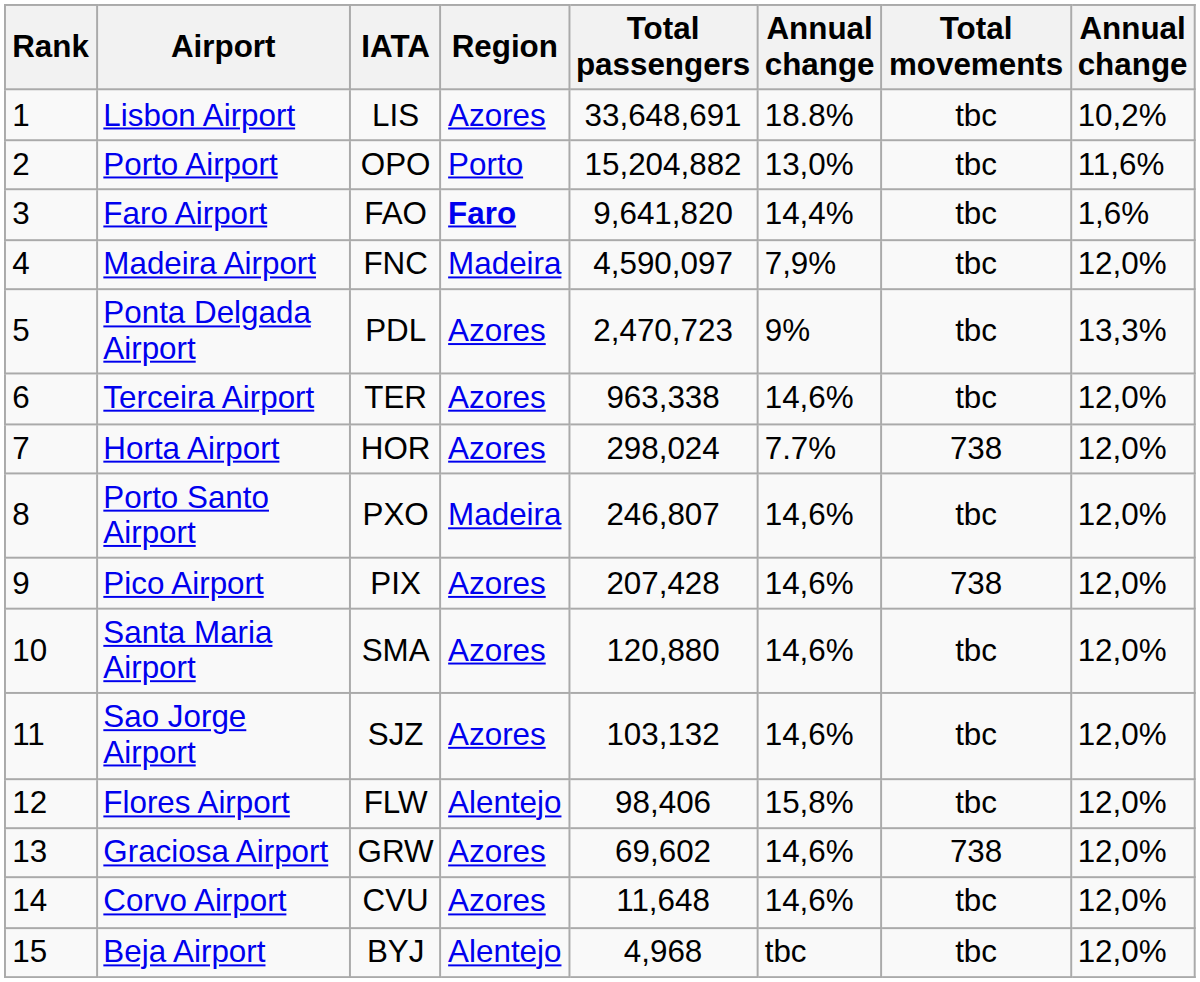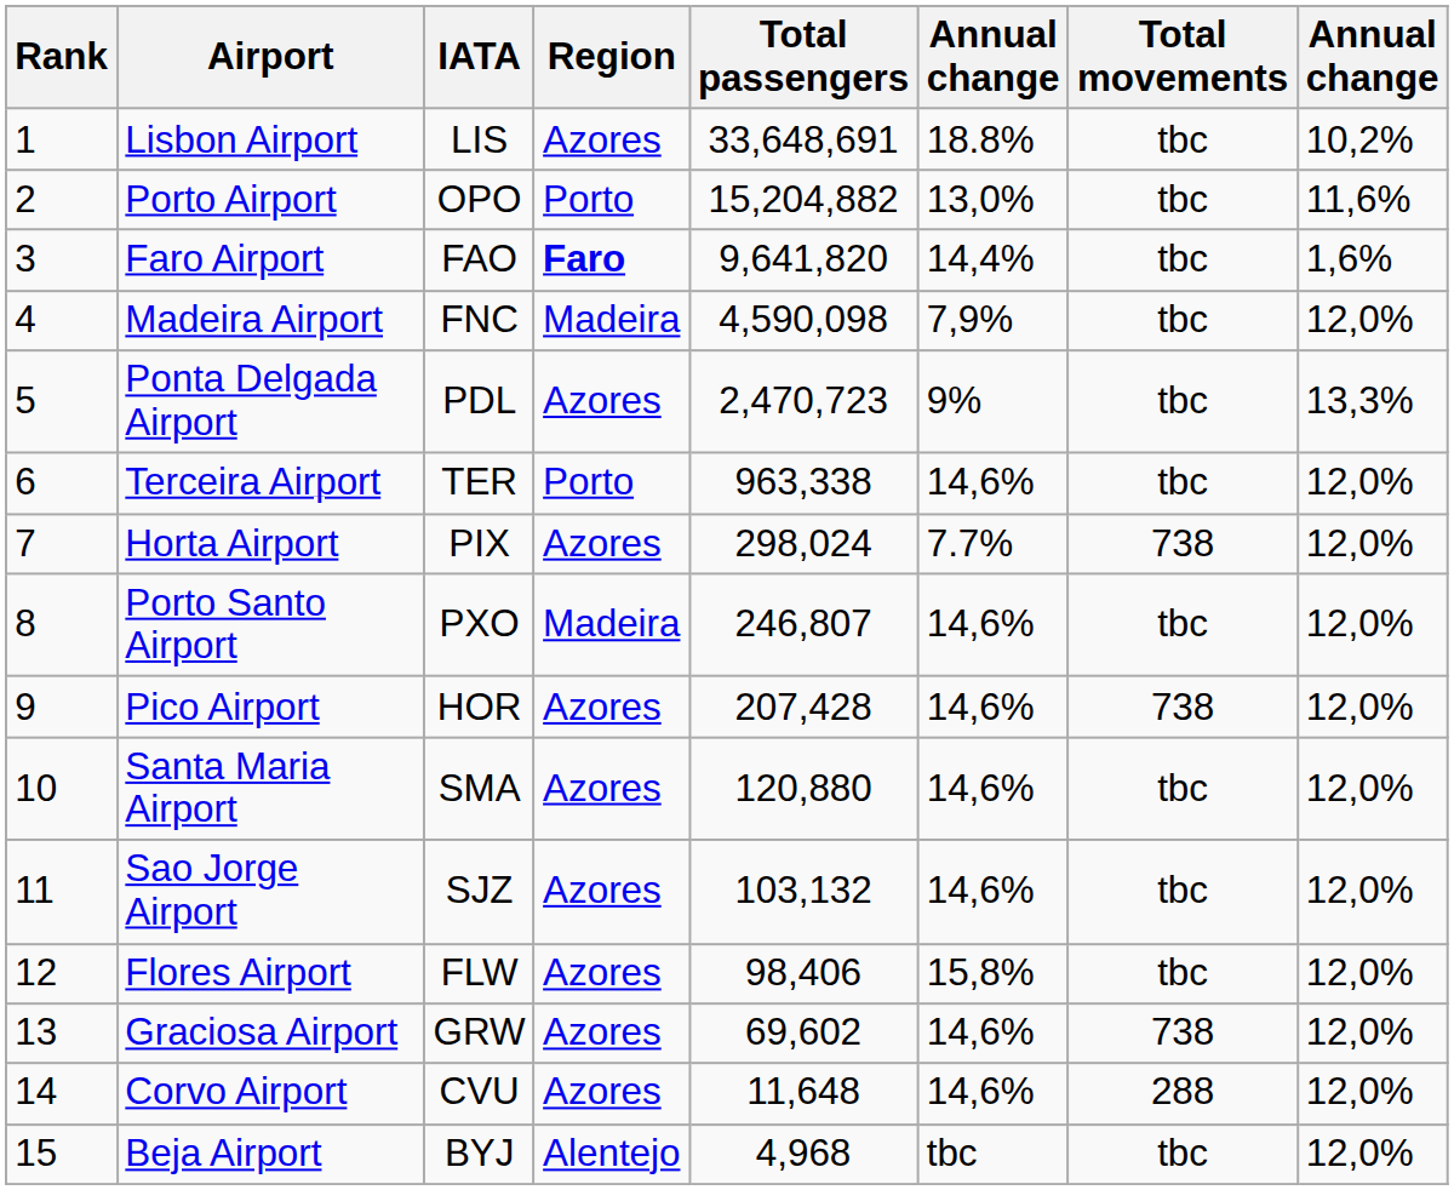 <table class="wikitable">
 <tr>
 <th>Rank</th>
 <th>Airport</th>
 <th>IATA</th>
 <th>Region</th>
 <th>Total<br>passengers</th>
 <th>Annual<br>change</th>
 <th>Total<br>movements</th>
 <th>Annual<br>change</th>
 </tr>
 <tr>
 <td>1</td>
 <td><a href='#'>Lisbon Airport</a></td>
 <td align="center">LIS</td>
 <td><a href='#'>Azores</a></td>
 <td align="center">33,648,691</td>
 <td align="left"> 18.8%</td>
 <td align="center">tbc</td>
 <td align="left"> 10,2%</td>
 </tr>
 <tr>
 <td>2</td>
 <td><a href='#'>Porto Airport</a></td>
 <td align="center">OPO</td>
 <td><a href='#'>Porto</a></td>
 <td align="center">15,204,882</td>
 <td align="left"> 13,0%</td>
 <td align="center">tbc</td>
 <td align="left"> 11,6%</td>
 </tr>
 <tr>
 <td>3</td>
 <td><a href='#'>Faro Airport</a></td>
 <td align="center">FAO</td>
 <td><strong><a href='#'>Faro</a></strong></td>
 <td align="center">9,641,820</td>
 <td align="left"> 14,4%</td>
 <td align="center">tbc</td>
 <td align="left"> 1,6%</td>
 </tr>
 <tr>
 <td>4</td>
 <td><a href='#'>Madeira Airport</a></td>
 <td align="center">FNC</td>
 <td><a href='#'>Madeira</a></td>
-<td align="center">4,590,097</td>
+<td align="center">4,590,098</td>
 <td align="left"> 7,9%</td>
 <td align="center">tbc</td>
 <td align="left"> 12,0%</td>
 </tr>
 <tr>
 <td>5</td>
 <td><a href='#'>Ponta Delgada Airport</a></td>
 <td align="center">PDL</td>
 <td><a href='#'>Azores</a></td>
 <td align="center">2,470,723</td>
 <td align="left"> 9%</td>
 <td align="center">tbc</td>
 <td align="left"> 13,3%</td>
 </tr>
 <tr>
 <td>6</td>
 <td><a href='#'>Terceira Airport</a></td>
 <td align="center">TER</td>
-<td><a href='#'>Azores</a></td>
+<td><a href='#'>Porto</a></td>
 <td align="center">963,338</td>
 <td align="left"> 14,6%</td>
 <td align="center">tbc</td>
 <td align="left"> 12,0%</td>
 </tr>
 <tr>
 <td>7</td>
 <td><a href='#'>Horta Airport</a></td>
-<td align="center">HOR</td>
+<td align="center">PIX</td>
 <td><a href='#'>Azores</a></td>
 <td align="center">298,024</td>
 <td align="left"> 7.7%</td>
 <td align="center">738</td>
 <td align="left"> 12,0%</td>
 </tr>
 <tr>
 <td>8</td>
 <td><a href='#'>Porto Santo Airport</a></td>
 <td align="center">PXO</td>
 <td><a href='#'>Madeira</a></td>
 <td align="center">246,807</td>
 <td align="left"> 14,6%</td>
 <td align="center">tbc</td>
 <td align="left"> 12,0%</td>
 </tr>
 <tr>
 <td>9</td>
 <td><a href='#'>Pico Airport</a></td>
-<td align="center">PIX</td>
+<td align="center">HOR</td>
 <td><a href='#'>Azores</a></td>
 <td align="center">207,428</td>
 <td align="left"> 14,6%</td>
 <td align="center">738</td>
 <td align="left"> 12,0%</td>
 </tr>
 <tr>
 <td>10</td>
 <td><a href='#'>Santa Maria Airport</a></td>
 <td align="center">SMA</td>
 <td><a href='#'>Azores</a></td>
 <td align="center">120,880</td>
 <td align="left"> 14,6%</td>
 <td align="center">tbc</td>
 <td align="left"> 12,0%</td>
 </tr>
 <tr>
 <td>11</td>
 <td><a href='#'>Sao Jorge Airport</a></td>
 <td align="center">SJZ</td>
 <td><a href='#'>Azores</a></td>
 <td align="center">103,132</td>
 <td align="left"> 14,6%</td>
 <td align="center">tbc</td>
 <td align="left"> 12,0%</td>
 </tr>
 <tr>
 <td>12</td>
 <td><a href='#'>Flores Airport</a></td>
 <td align="center">FLW</td>
-<td><a href='#'>Alentejo</a></td>
+<td><a href='#'>Azores</a></td>
 <td align="center">98,406</td>
 <td align="left"> 15,8%</td>
 <td align="center">tbc</td>
 <td align="left"> 12,0%</td>
 </tr>
 <tr>
 <td>13</td>
 <td><a href='#'>Graciosa Airport</a></td>
 <td align="center">GRW</td>
 <td><a href='#'>Azores</a></td>
 <td align="center">69,602</td>
 <td align="left"> 14,6%</td>
 <td align="center">738</td>
 <td align="left"> 12,0%</td>
 </tr>
 <tr>
 <td>14</td>
 <td><a href='#'>Corvo Airport</a></td>
 <td align="center">CVU</td>
 <td><a href='#'>Azores</a></td>
 <td align="center">11,648</td>
 <td align="left"> 14,6%</td>
-<td align="center">tbc</td>
+<td align="center">288</td>
 <td align="left"> 12,0%</td>
 </tr>
 <tr>
 <td>15</td>
 <td><a href='#'>Beja Airport</a></td>
 <td align="center">BYJ</td>
 <td><a href='#'>Alentejo</a></td>
 <td align="center">4,968</td>
 <td align="left"> tbc</td>
 <td align="center">tbc</td>
 <td align="left"> 12,0%<br> </td>
 </tr>
 </table>
